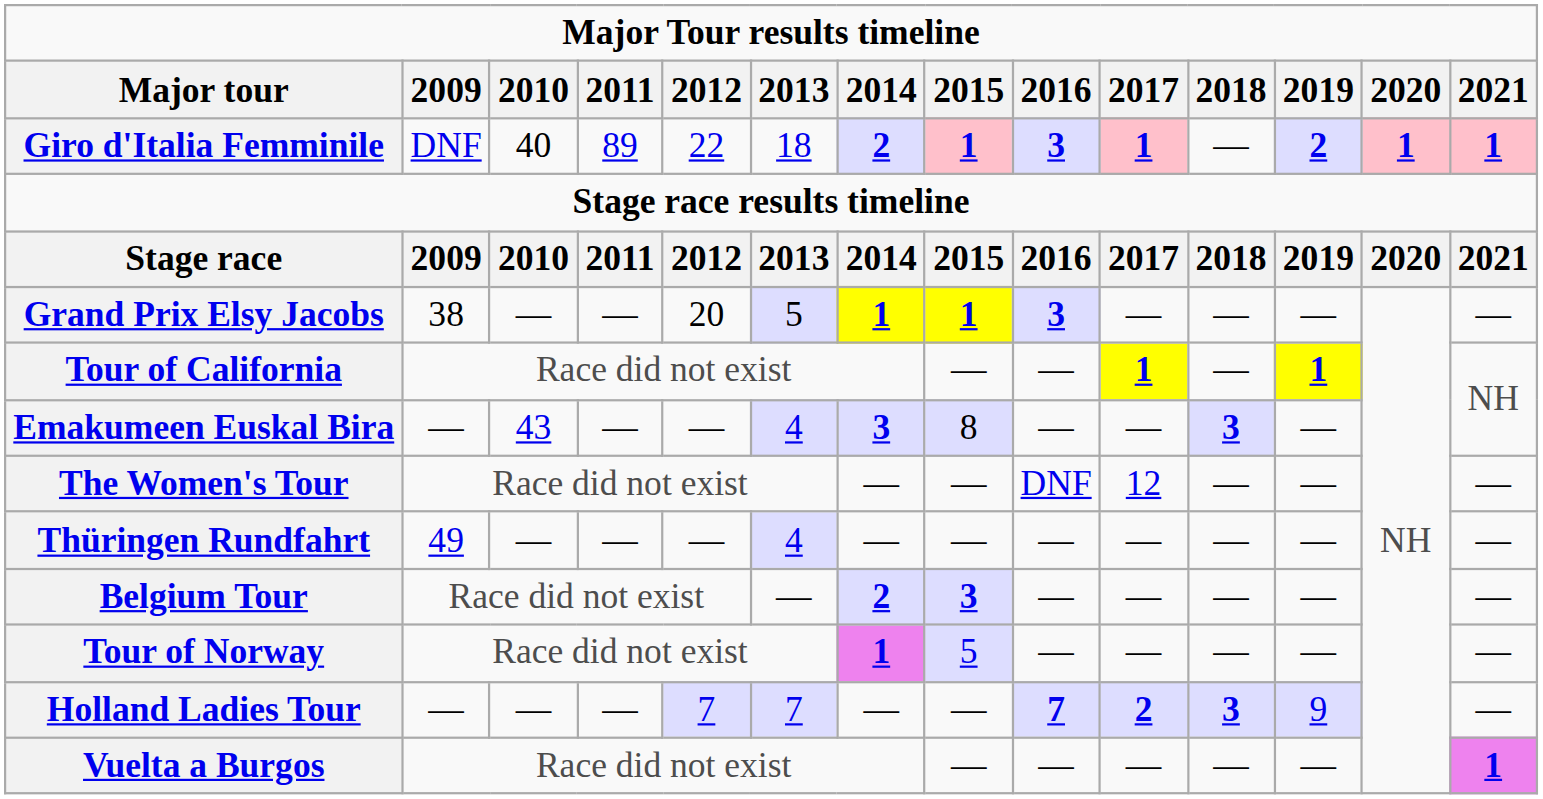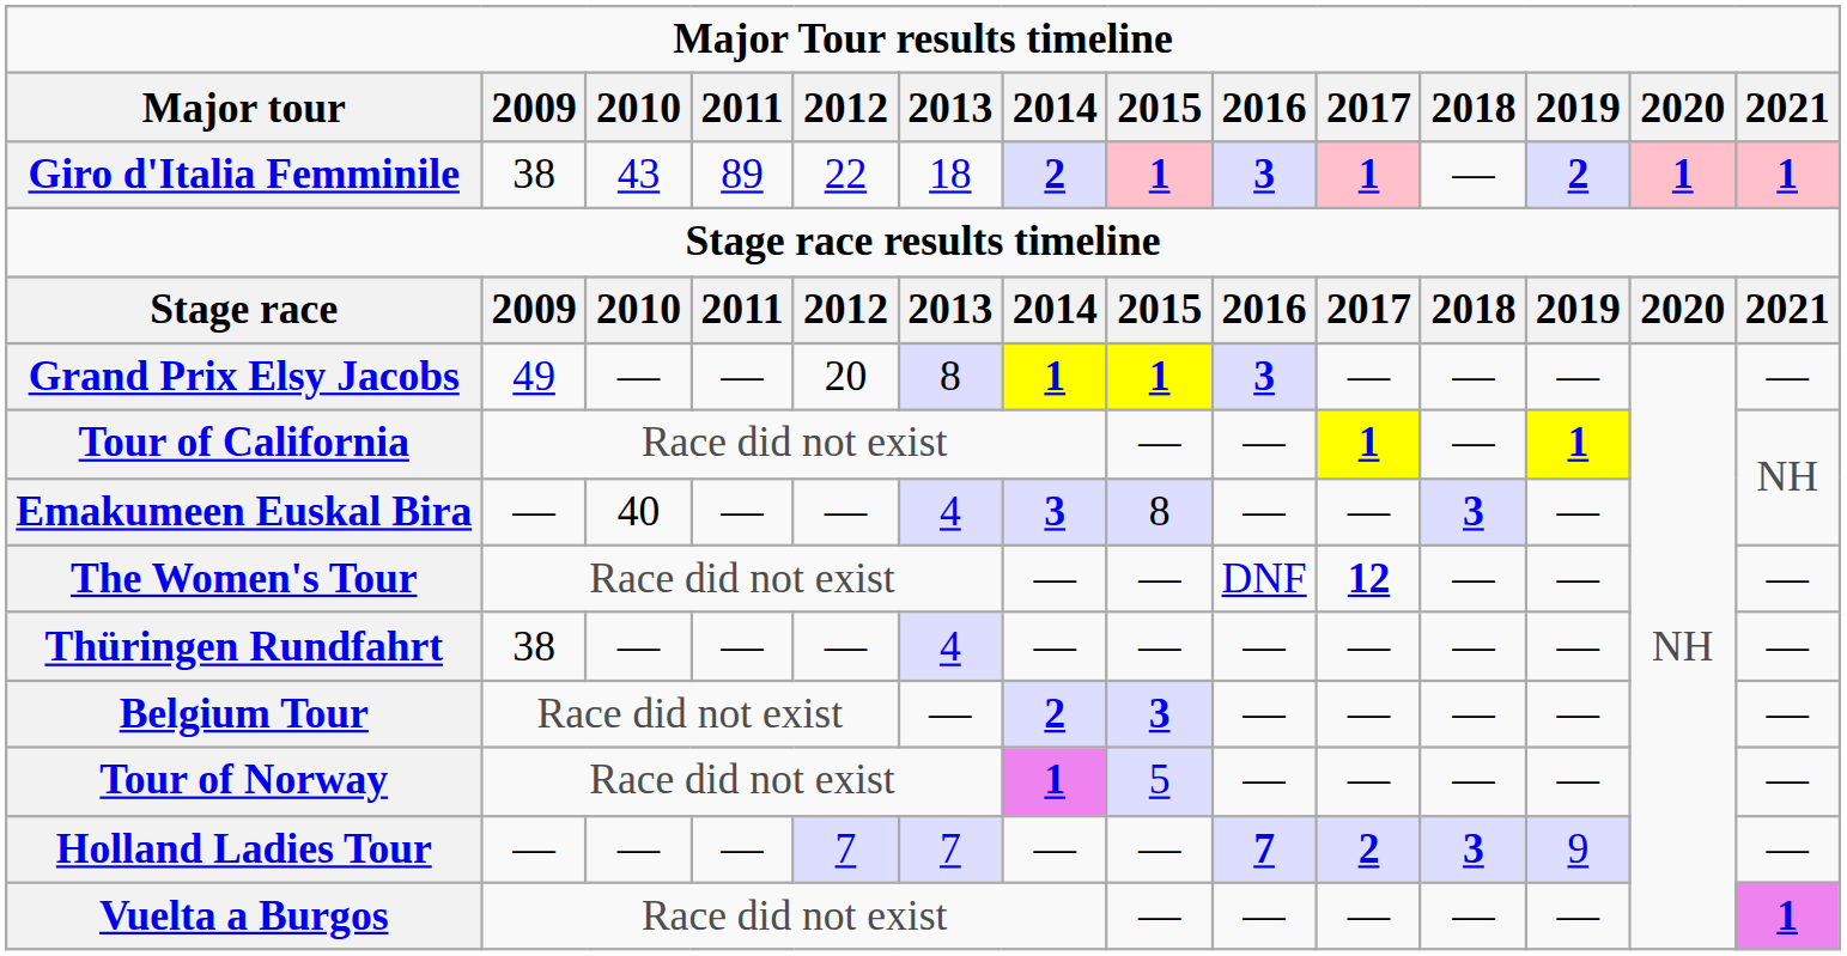 <table class="wikitable plainrowheaders">
 <tr>
 <td colspan="16" align="center"><strong>Major Tour results timeline</strong></td>
 </tr>
 <tr style="background:#EEEEEE;">
 <th>Major tour</th>
 <th>2009</th>
 <th>2010</th>
 <th>2011</th>
 <th>2012</th>
 <th>2013</th>
 <th>2014</th>
 <th>2015</th>
 <th>2016</th>
 <th>2017</th>
 <th>2018</th>
 <th>2019</th>
 <th>2020</th>
 <th>2021</th>
 </tr>
 <tr style="text-align:center">
 <th scope="row"><a href='#'>Giro d'Italia Femminile</a></th>
-<td><a href='#'>DNF</a></td>
-<td>40</td>
+<td>38</td>
+<td><a href='#'>43</a></td>
 <td><a href='#'>89</a></td>
 <td><a href='#'>22</a></td>
 <td><a href='#'>18</a></td>
 <td style="background:#ddf;"><a href='#'><strong>2</strong></a></td>
 <td style="background:pink;"><a href='#'><strong>1</strong></a></td>
 <td style="background:#ddf;"><a href='#'><strong>3</strong></a></td>
 <td style="background:pink;"><a href='#'><strong>1</strong></a></td>
 <td>—</td>
 <td style="background:#ddf;"><a href='#'><strong>2</strong></a></td>
 <td style="background:pink;"><a href='#'><strong>1</strong></a></td>
 <td style="background:pink;"><a href='#'><strong>1</strong></a></td>
 </tr>
 <tr>
 <td colspan="16" align="center"><strong>Stage race results timeline</strong></td>
 </tr>
 <tr style="background:#EEEEEE;">
 <th>Stage race</th>
 <th>2009</th>
 <th>2010</th>
 <th>2011</th>
 <th>2012</th>
 <th>2013</th>
 <th>2014</th>
 <th>2015</th>
 <th>2016</th>
 <th>2017</th>
 <th>2018</th>
 <th>2019</th>
 <th>2020</th>
 <th>2021</th>
 </tr>
 <tr style="text-align:center;">
 <th scope="row"><a href='#'>Grand Prix Elsy Jacobs</a></th>
-<td>38</td>
+<td><a href='#'>49</a></td>
 <td>—</td>
 <td>—</td>
 <td>20</td>
-<td style="background:#ddf;">5</td>
+<td style="background:#ddf;">8</td>
 <td style="background:yellow;"><a href='#'><strong>1</strong></a></td>
 <td style="background:yellow;"><a href='#'><strong>1</strong></a></td>
 <td style="background:#ddf;"><a href='#'><strong>3</strong></a></td>
 <td>—</td>
 <td>—</td>
 <td>—</td>
 <td style="color:#4d4d4d;" rowspan=9>NH</td>
 <td>—</td>
 </tr>
 <tr style="text-align:center;">
 <th scope="row"><a href='#'>Tour of California</a></th>
 <td style="color:#4d4d4d;" colspan=6>Race did not exist</td>
 <td>—</td>
 <td>—</td>
 <td style="background:yellow;"><a href='#'><strong>1</strong></a></td>
 <td>—</td>
 <td style="background:yellow;"><a href='#'><strong>1</strong></a></td>
 <td style="color:#4d4d4d;" rowspan=2>NH</td>
 </tr>
 <tr style="text-align:center;">
 <th scope="row"><a href='#'>Emakumeen Euskal Bira</a></th>
 <td>—</td>
-<td><a href='#'>43</a></td>
+<td>40</td>
 <td>—</td>
 <td>—</td>
 <td style="background:#ddf;"><a href='#'>4</a></td>
 <td style="background:#ddf;"><a href='#'><strong>3</strong></a></td>
 <td style="background:#ddf;">8</td>
 <td>—</td>
 <td>—</td>
 <td style="background:#ddf;"><a href='#'><strong>3</strong></a></td>
 <td>—</td>
 </tr>
 <tr style="text-align:center;">
 <th scope="row"><a href='#'>The Women's Tour</a></th>
 <td style="color:#4d4d4d;" colspan=5>Race did not exist</td>
 <td>—</td>
 <td>—</td>
 <td><a href='#'>DNF</a></td>
-<td><a href='#'>12</a></td>
+<td><strong><a href='#'>12</a></strong></td>
 <td>—</td>
 <td>—</td>
 <td>—</td>
 </tr>
 <tr style="text-align:center;">
 <th scope="row"><a href='#'>Thüringen Rundfahrt</a></th>
-<td><a href='#'>49</a></td>
+<td>38</td>
 <td>—</td>
 <td>—</td>
 <td>—</td>
 <td style="background:#ddf;"><a href='#'>4</a></td>
 <td>—</td>
 <td>—</td>
 <td>—</td>
 <td>—</td>
 <td>—</td>
 <td>—</td>
 <td>—</td>
 </tr>
 <tr style="text-align:center;">
 <th scope="row"><a href='#'>Belgium Tour</a></th>
 <td style="color:#4d4d4d;" colspan=4>Race did not exist</td>
 <td>—</td>
 <td style="background:#ddf;"><a href='#'><strong>2</strong></a></td>
 <td style="background:#ddf;"><a href='#'><strong>3</strong></a></td>
 <td>—</td>
 <td>—</td>
 <td>—</td>
 <td>—</td>
 <td>—</td>
 </tr>
 <tr style="text-align:center;">
 <th scope="row"><a href='#'>Tour of Norway</a></th>
 <td style="color:#4d4d4d;" colspan=5>Race did not exist</td>
 <td style="background:violet;"><a href='#'><strong>1</strong></a></td>
 <td style="background:#ddf;"><a href='#'>5</a></td>
 <td>—</td>
 <td>—</td>
 <td>—</td>
 <td>—</td>
 <td>—</td>
 </tr>
 <tr style="text-align:center">
 <th scope="row"><a href='#'>Holland Ladies Tour</a></th>
 <td>—</td>
 <td>—</td>
 <td>—</td>
 <td style="background:#ddf;"><a href='#'>7</a></td>
 <td style="background:#ddf;"><a href='#'>7</a></td>
 <td>—</td>
 <td>—</td>
 <td style="background:#ddf;"><strong><a href='#'>7</a></strong></td>
 <td style="background:#ddf;"><a href='#'><strong>2</strong></a></td>
 <td style="background:#ddf;"><a href='#'><strong>3</strong></a></td>
 <td style="background:#ddf;"><a href='#'>9</a></td>
 <td>—</td>
 </tr>
 <tr style="text-align:center">
 <th scope="row"><a href='#'>Vuelta a Burgos</a></th>
 <td style="color:#4d4d4d;" colspan=6>Race did not exist</td>
 <td>—</td>
 <td>—</td>
 <td>—</td>
 <td>—</td>
 <td>—</td>
 <th style="background:violet;"><a href='#'>1</a></th>
 </tr>
 </table>
